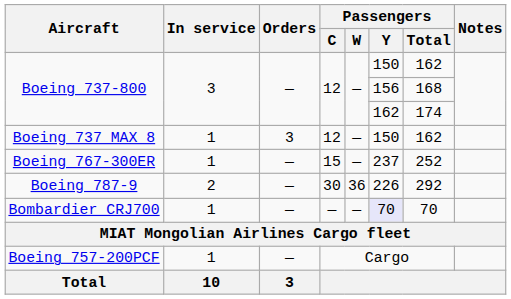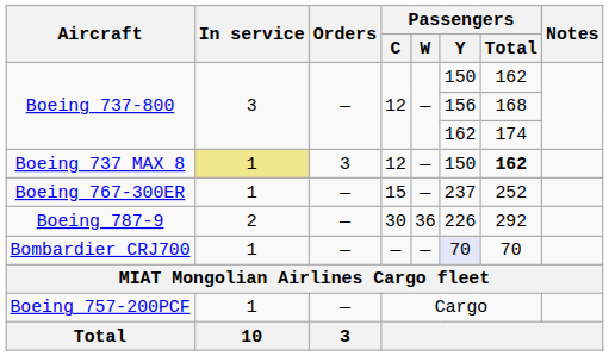 <table class="wikitable" style="border-collapse:collapse;text-align:center;margin:1em auto;">
 <tr>
 <th rowspan="2">Aircraft</th>
 <th rowspan="2">In service</th>
 <th rowspan="2">Orders</th>
 <th colspan="4">Passengers</th>
 <th rowspan="2">Notes</th>
 </tr>
 <tr>
 <th><abbr>C</abbr></th>
 <th><abbr>W</abbr></th>
 <th><abbr>Y</abbr></th>
 <th>Total</th>
 </tr>
 <tr>
 <td rowspan="3"><a href='#'>Boeing 737-800</a></td>
 <td rowspan="3">3</td>
 <td rowspan="3">—</td>
 <td rowspan="3">12</td>
 <td rowspan="3">—</td>
 <td>150</td>
 <td>162</td>
 <td rowspan="3"></td>
 </tr>
 <tr>
 <td>156</td>
 <td>168</td>
 </tr>
 <tr>
 <td>162</td>
 <td>174</td>
 </tr>
 <tr>
 <td><a href='#'>Boeing 737 MAX 8</a></td>
-<td>1</td>
+<td style="background: khaki;">1</td>
 <td>3</td>
 <td>12</td>
 <td>—</td>
 <td>150</td>
-<td>162</td>
+<td><strong>162</strong></td>
 <td></td>
 </tr>
 <tr>
 <td><a href='#'>Boeing 767-300ER</a></td>
 <td>1</td>
 <td>—</td>
 <td>15</td>
 <td>—</td>
 <td>237</td>
 <td>252</td>
 <td></td>
 </tr>
 <tr>
 <td><a href='#'>Boeing 787-9</a></td>
 <td>2</td>
 <td>—</td>
 <td>30</td>
 <td>36</td>
 <td>226</td>
 <td>292</td>
 <td></td>
 </tr>
 <tr>
 <td><a href='#'>Bombardier CRJ700</a></td>
 <td>1</td>
 <td>—</td>
 <td>—</td>
 <td>—</td>
 <td style="background: lavender;">70</td>
 <td>70</td>
 <td></td>
 </tr>
 <tr>
 <th colspan="8">MIAT Mongolian Airlines Cargo fleet</th>
 </tr>
 <tr>
 <td><a href='#'>Boeing 757-200PCF</a></td>
 <td>1</td>
 <td>—</td>
 <td colspan="4"><abbr>Cargo</abbr></td>
 <td></td>
 </tr>
 <tr>
 <th>Total</th>
 <th>10</th>
 <th>3</th>
 <th colspan=5></th>
 </tr>
 </table>
